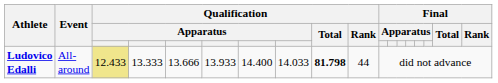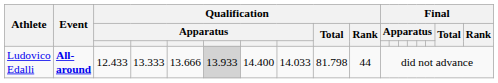 <table class="wikitable" style="font-size:90%">
 <tr>
 <th rowspan=3>Athlete</th>
 <th rowspan=3>Event</th>
 <th colspan =8>Qualification</th>
 <th colspan =8>Final</th>
 </tr>
 <tr style="font-size:95%">
 <th colspan=6>Apparatus</th>
 <th rowspan=2>Total</th>
 <th rowspan=2>Rank</th>
 <th colspan=6>Apparatus</th>
 <th rowspan=2>Total</th>
 <th rowspan=2>Rank</th>
 </tr>
 <tr style="font-size:95%">
 <th></th>
 <th></th>
 <th></th>
 <th></th>
 <th></th>
 <th></th>
 <th></th>
 <th></th>
 <th></th>
 <th></th>
 <th></th>
 <th></th>
 </tr>
 <tr align=center>
-<td align=left><strong><a href='#'>Ludovico Edalli</a></strong></td>
-<td align=left><a href='#'>All-around</a></td>
-<td style="background: khaki;">12.433</td>
+<td align=left><a href='#'>Ludovico Edalli</a></td>
+<td align=left><strong><a href='#'>All-around</a></strong></td>
+<td>12.433</td>
 <td>13.333</td>
 <td>13.666</td>
-<td>13.933</td>
+<td style="background: lightgrey;">13.933</td>
 <td>14.400</td>
 <td>14.033</td>
-<td><strong>81.798</strong></td>
+<td>81.798</td>
 <td>44</td>
 <td colspan=8>did not advance</td>
 </tr>
 </table>
